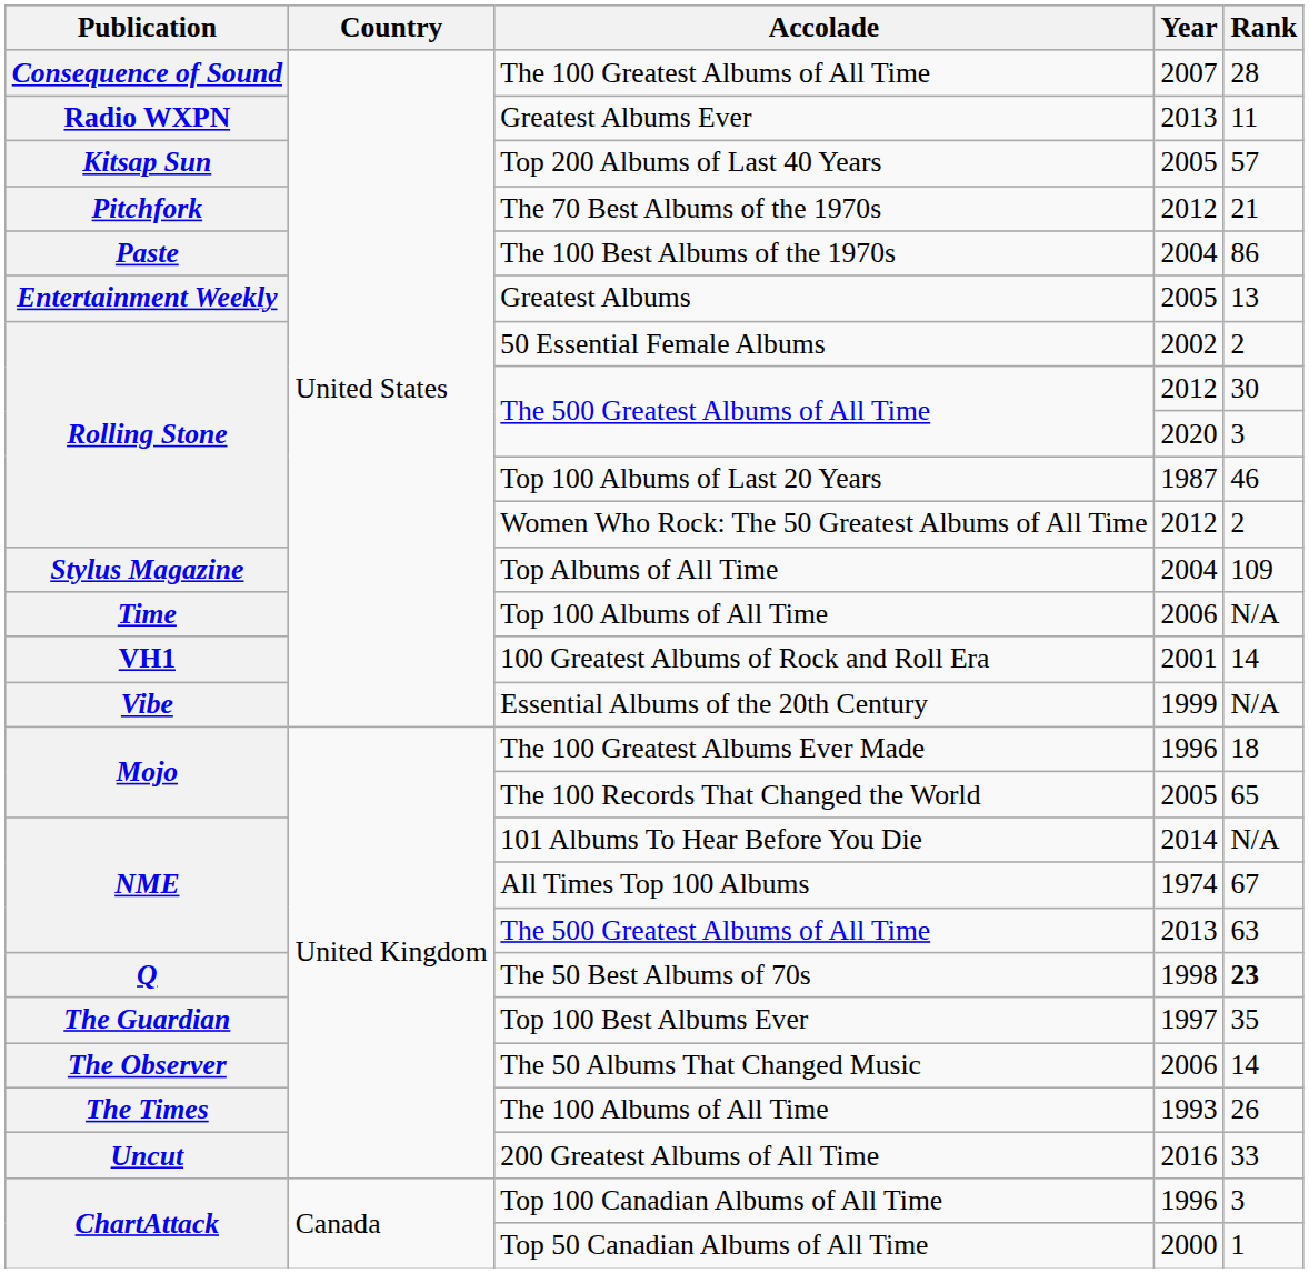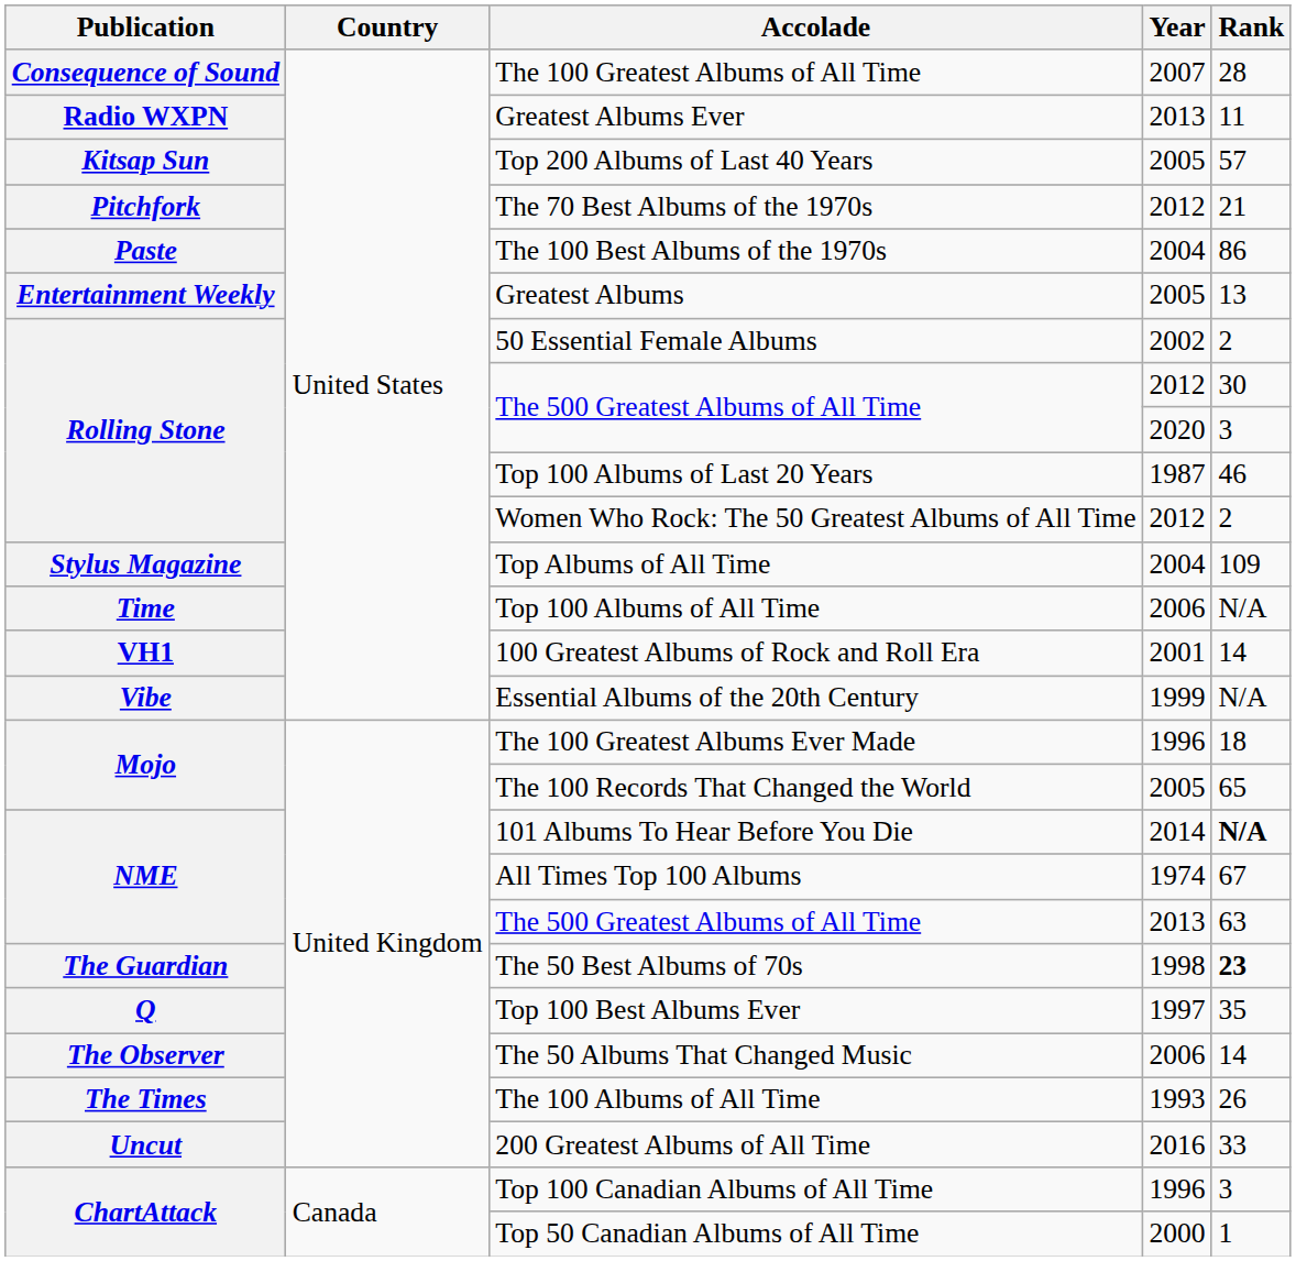 <table class="wikitable sortable plainrowheaders">
 <tr>
 <th>Publication</th>
 <th>Country</th>
 <th>Accolade</th>
 <th>Year</th>
 <th>Rank</th>
 </tr>
 <tr>
 <th scope="row"><em><a href='#'>Consequence of Sound</a></em></th>
 <td rowspan="15">United States</td>
 <td>The 100 Greatest Albums of All Time</td>
 <td>2007</td>
 <td>28</td>
 </tr>
 <tr>
 <th scope="row"><a href='#'>Radio WXPN</a></th>
 <td>Greatest Albums Ever</td>
 <td>2013</td>
 <td>11</td>
 </tr>
 <tr>
 <th scope="row"><em><a href='#'>Kitsap Sun</a></em></th>
 <td>Top 200 Albums of Last 40 Years</td>
 <td>2005</td>
 <td>57</td>
 </tr>
 <tr>
 <th scope="row"><a href='#'><em>Pitchfork</em></a></th>
 <td>The 70 Best Albums of the 1970s</td>
 <td>2012</td>
 <td>21</td>
 </tr>
 <tr>
 <th scope="row"><a href='#'><em>Paste</em></a></th>
 <td>The 100 Best Albums of the 1970s</td>
 <td>2004</td>
 <td>86</td>
 </tr>
 <tr>
 <th scope="row"><em><a href='#'>Entertainment Weekly</a></em></th>
 <td>Greatest Albums</td>
 <td>2005</td>
 <td>13</td>
 </tr>
 <tr>
 <th scope="row" rowspan="5"><em><a href='#'>Rolling Stone</a></em></th>
 <td>50 Essential Female Albums</td>
 <td>2002</td>
 <td>2</td>
 </tr>
 <tr>
 <td rowspan="2"><a href='#'>The 500 Greatest Albums of All Time</a></td>
 <td>2012</td>
 <td>30</td>
 </tr>
 <tr>
 <td>2020</td>
 <td>3</td>
 </tr>
 <tr>
 <td>Top 100 Albums of Last 20 Years</td>
 <td>1987</td>
 <td>46</td>
 </tr>
 <tr>
 <td>Women Who Rock: The 50 Greatest Albums of All Time</td>
 <td>2012</td>
 <td>2</td>
 </tr>
 <tr>
 <th scope="row"><em><a href='#'>Stylus Magazine</a></em></th>
 <td>Top Albums of All Time</td>
 <td>2004</td>
 <td>109</td>
 </tr>
 <tr>
 <th scope="row"><em><a href='#'>Time</a></em></th>
 <td>Top 100 Albums of All Time</td>
 <td>2006</td>
 <td>N/A</td>
 </tr>
 <tr>
 <th scope="row"><a href='#'>VH1</a></th>
 <td>100 Greatest Albums of Rock and Roll Era</td>
 <td>2001</td>
 <td>14</td>
 </tr>
 <tr>
 <th scope="row"><em><a href='#'>Vibe</a></em></th>
 <td>Essential Albums of the 20th Century</td>
 <td>1999</td>
 <td>N/A</td>
 </tr>
 <tr>
 <th rowspan="2" scope="row"><em><a href='#'>Mojo</a></em></th>
 <td rowspan="10">United Kingdom</td>
 <td>The 100 Greatest Albums Ever Made</td>
 <td>1996</td>
 <td>18</td>
 </tr>
 <tr>
 <td>The 100 Records That Changed the World</td>
 <td>2005</td>
 <td>65</td>
 </tr>
 <tr>
 <th scope="row" rowspan="3"><em><a href='#'>NME</a></em></th>
 <td>101 Albums To Hear Before You Die</td>
 <td>2014</td>
-<td>N/A</td>
+<td><strong>N/A</strong></td>
 </tr>
 <tr>
 <td>All Times Top 100 Albums</td>
 <td>1974</td>
 <td>67</td>
 </tr>
 <tr>
 <td><a href='#'>The 500 Greatest Albums of All Time</a></td>
 <td>2013</td>
 <td>63</td>
 </tr>
 <tr>
-<th scope="row"><em><a href='#'>Q</a></em></th>
+<th scope="row"><em><a href='#'>The Guardian</a></em></th>
 <td>The 50 Best Albums of 70s</td>
 <td>1998</td>
 <td><strong>23</strong></td>
 </tr>
 <tr>
-<th scope="row"><em><a href='#'>The Guardian</a></em></th>
+<th scope="row"><em><a href='#'>Q</a></em></th>
 <td>Top 100 Best Albums Ever</td>
 <td>1997</td>
 <td>35</td>
 </tr>
 <tr>
 <th scope="row"><em><a href='#'>The Observer</a></em></th>
 <td>The 50 Albums That Changed Music</td>
 <td>2006</td>
 <td>14</td>
 </tr>
 <tr>
 <th scope="row"><em><a href='#'>The Times</a></em></th>
 <td>The 100 Albums of All Time</td>
 <td>1993</td>
 <td>26</td>
 </tr>
 <tr>
 <th scope="row"><em><a href='#'>Uncut</a></em></th>
 <td>200 Greatest Albums of All Time</td>
 <td>2016</td>
 <td>33</td>
 </tr>
 <tr>
 <th rowspan="2" scope="row"><a href='#'><em>ChartAttack</em></a></th>
 <td rowspan="2">Canada</td>
 <td>Top 100 Canadian Albums of All Time</td>
 <td>1996</td>
 <td>3</td>
 </tr>
 <tr>
 <td>Top 50 Canadian Albums of All Time</td>
 <td>2000</td>
 <td>1</td>
 </tr>
 </table>
